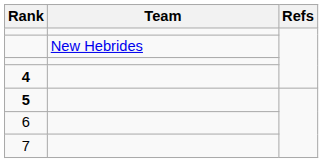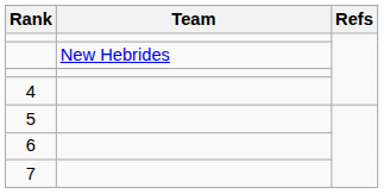 <table class="wikitable" style="text-align: center; font-size:90% ">
 <tr>
 <th width=35>Rank</th>
 <th width=220>Team</th>
 <th width=25>Refs</th>
 </tr>
 <tr>
 <td></td>
 <td align=left></td>
 <td rowspan=4></td>
 </tr>
 <tr>
 <td></td>
 <td align=left> <a href='#'>New Hebrides</a></td>
 </tr>
 <tr>
 <td></td>
 <td align=left></td>
 </tr>
 <tr>
-<td><strong>4</strong></td>
+<td>4</td>
 <td align=left></td>
 </tr>
 <tr>
-<td><strong>5</strong></td>
+<td>5</td>
 <td align=left></td>
 <td rowspan=3></td>
 </tr>
 <tr>
 <td>6</td>
 <td align=left></td>
 </tr>
 <tr>
 <td>7</td>
 <td align=left></td>
 </tr>
 </table>
